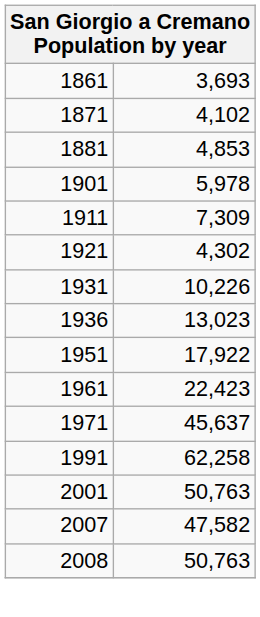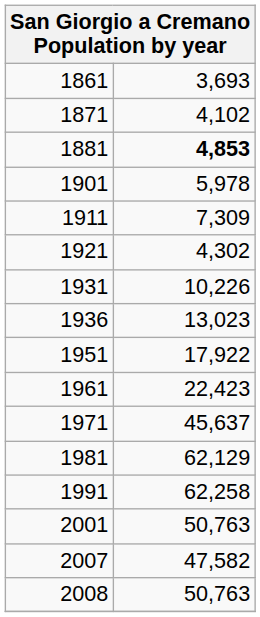 <table class="wikitable" style="float:right; margin-left:3px; text-size:80%; text-align:right">
 <tr>
 <th align=center colspan=2><strong>San Giorgio a Cremano <br>Population by year</strong></th>
 </tr>
 <tr>
 <td>1861</td>
 <td>3,693</td>
 </tr>
 <tr>
 <td>1871</td>
 <td>4,102</td>
 </tr>
 <tr>
 <td>1881</td>
-<td>4,853</td>
+<td><strong>4,853</strong></td>
 </tr>
 <tr>
 <td>1901</td>
 <td>5,978</td>
 </tr>
 <tr>
 <td>1911</td>
 <td>7,309</td>
 </tr>
 <tr>
 <td>1921</td>
 <td>4,302</td>
 </tr>
 <tr>
 <td>1931</td>
 <td>10,226</td>
 </tr>
 <tr>
 <td>1936</td>
 <td>13,023</td>
 </tr>
 <tr>
 <td>1951</td>
 <td>17,922</td>
 </tr>
 <tr>
 <td>1961</td>
 <td>22,423</td>
 </tr>
 <tr>
 <td>1971</td>
 <td>45,637</td>
 </tr>
 <tr>
+<td>1981</td>
+<td>62,129</td>
+</tr>
+<tr>
 <td>1991</td>
 <td>62,258</td>
 </tr>
 <tr>
 <td>2001</td>
 <td>50,763</td>
 </tr>
 <tr>
 <td>2007</td>
 <td>47,582</td>
 </tr>
 <tr>
 <td>2008</td>
 <td>50,763</td>
 </tr>
 <tr>
 </tr>
 </table>
